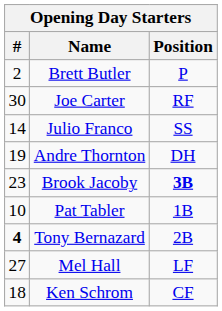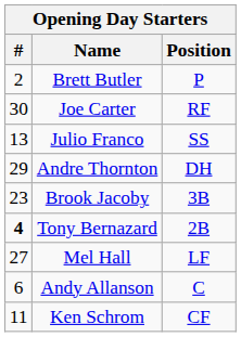 <table class="wikitable" style="text-align:center">
 <tr>
 <th colspan="3">Opening Day Starters</th>
 </tr>
 <tr>
 <th>#</th>
 <th>Name</th>
 <th>Position</th>
 </tr>
 <tr>
 <td>2</td>
 <td><a href='#'>Brett Butler</a></td>
 <td><a href='#'>P</a></td>
 </tr>
 <tr>
 <td>30</td>
 <td><a href='#'>Joe Carter</a></td>
 <td><a href='#'>RF</a></td>
 </tr>
 <tr>
-<td>14</td>
+<td>13</td>
 <td><a href='#'>Julio Franco</a></td>
 <td><a href='#'>SS</a></td>
 </tr>
 <tr>
-<td>19</td>
+<td>29</td>
 <td><a href='#'>Andre Thornton</a></td>
 <td><a href='#'>DH</a></td>
 </tr>
 <tr>
 <td>23</td>
 <td><a href='#'>Brook Jacoby</a></td>
-<td><strong><a href='#'>3B</a></strong></td>
-</tr>
-<tr>
-<td>10</td>
-<td><a href='#'>Pat Tabler</a></td>
-<td><a href='#'>1B</a></td>
+<td><a href='#'>3B</a></td>
 </tr>
 <tr>
 <td><strong>4</strong></td>
 <td><a href='#'>Tony Bernazard</a></td>
 <td><a href='#'>2B</a></td>
 </tr>
 <tr>
 <td>27</td>
 <td><a href='#'>Mel Hall</a></td>
 <td><a href='#'>LF</a></td>
 </tr>
 <tr>
-<td>18</td>
+<td>6</td>
+<td><a href='#'>Andy Allanson</a></td>
+<td><a href='#'>C</a></td>
+</tr>
+<tr>
+<td>11</td>
 <td><a href='#'>Ken Schrom</a></td>
 <td><a href='#'>CF</a></td>
 </tr>
 </table>
